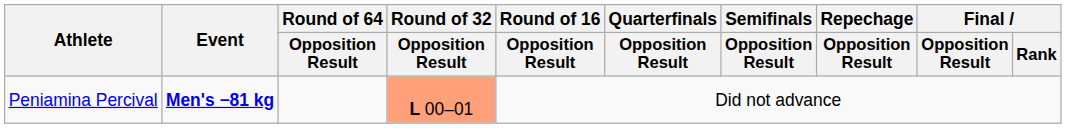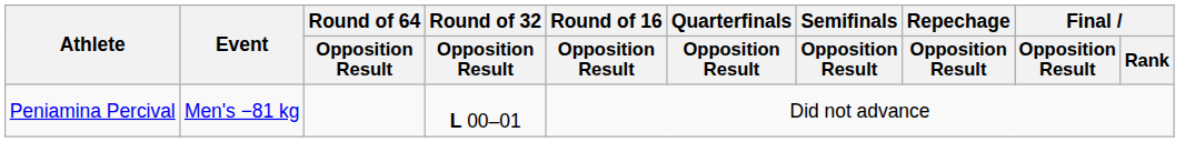 <table class="wikitable" style="font-size:90%">
 <tr>
 <th rowspan="2">Athlete</th>
 <th rowspan="2">Event</th>
 <th>Round of 64</th>
 <th>Round of 32</th>
 <th>Round of 16</th>
 <th>Quarterfinals</th>
 <th>Semifinals</th>
 <th>Repechage</th>
 <th colspan=2>Final / </th>
 </tr>
 <tr style="font-size:95%">
 <th>Opposition<br>Result</th>
 <th>Opposition<br>Result</th>
 <th>Opposition<br>Result</th>
 <th>Opposition<br>Result</th>
 <th>Opposition<br>Result</th>
 <th>Opposition<br>Result</th>
 <th>Opposition<br>Result</th>
 <th>Rank</th>
 </tr>
 <tr align=center>
 <td align=left><a href='#'>Peniamina Percival</a></td>
-<td align=left><strong><a href='#'>Men's −81 kg</a></strong></td>
+<td align=left><a href='#'>Men's −81 kg</a></td>
 <td></td>
-<td style="background: lightsalmon;"><br><strong>L</strong> 00–01</td>
+<td><br><strong>L</strong> 00–01</td>
 <td colspan=6>Did not advance</td>
 </tr>
 </table>
